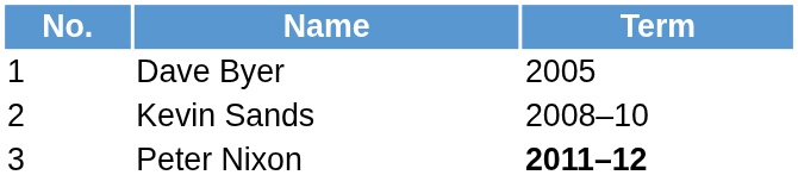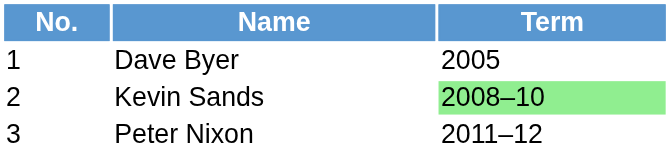 <table class="toccolours" style="width:25em">
 <tr>
 <th style="background:#5997d0;color:white;border:#5997d0 1px solid">No.</th>
 <th style="background:#5997d0;color:white;border:#5997d0 1px solid">Name</th>
 <th style="background:#5997d0;color:white;border:#5997d0 1px solid">Term</th>
 </tr>
 <tr>
 <td>1</td>
 <td> Dave Byer</td>
 <td>2005</td>
 </tr>
 <tr>
 <td>2</td>
 <td> Kevin Sands</td>
-<td>2008–10</td>
+<td style="background: lightgreen;">2008–10</td>
 </tr>
 <tr>
 <td>3</td>
 <td> Peter Nixon</td>
-<td><strong>2011–12</strong></td>
+<td>2011–12</td>
 </tr>
 <tr>
 </tr>
 </table>
